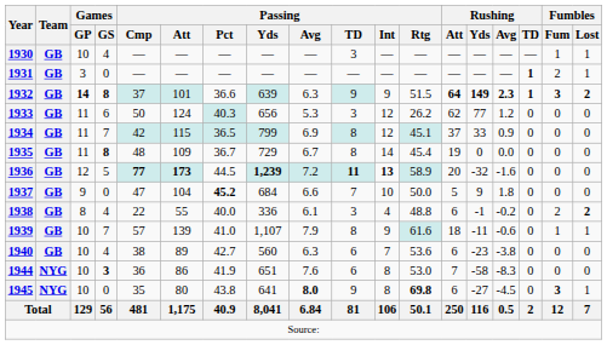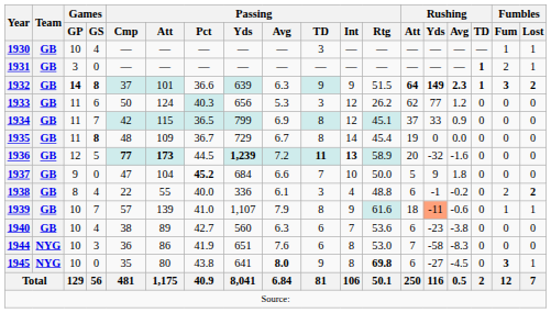 <table class="wikitable" style="text-align:center;">
 <tr>
 <th rowspan="2">Year</th>
 <th rowspan="2">Team</th>
 <th colspan="2">Games</th>
 <th colspan="8">Passing</th>
 <th colspan="4">Rushing</th>
 <th colspan="2">Fumbles</th>
 </tr>
 <tr>
 <th>GP</th>
 <th>GS</th>
 <th>Cmp</th>
 <th>Att</th>
 <th>Pct</th>
 <th>Yds</th>
 <th>Avg</th>
 <th>TD</th>
 <th>Int</th>
 <th>Rtg</th>
 <th>Att</th>
 <th>Yds</th>
 <th>Avg</th>
 <th>TD</th>
 <th>Fum</th>
 <th>Lost</th>
 </tr>
 <tr>
 <th><a href='#'>1930</a></th>
 <th><a href='#'>GB</a></th>
 <td>10</td>
 <td>4</td>
 <td>—</td>
 <td>—</td>
 <td>—</td>
 <td>—</td>
 <td>—</td>
 <td>3</td>
 <td>—</td>
 <td>—</td>
 <td>—</td>
 <td>—</td>
 <td>—</td>
 <td>—</td>
 <td>1</td>
 <td>1</td>
 </tr>
 <tr>
 <th><a href='#'>1931</a></th>
 <th><a href='#'>GB</a></th>
 <td>3</td>
 <td>0</td>
 <td>—</td>
 <td>—</td>
 <td>—</td>
 <td>—</td>
 <td>—</td>
 <td>—</td>
 <td>—</td>
 <td>—</td>
 <td>—</td>
 <td>—</td>
 <td>—</td>
 <td><strong>1</strong></td>
 <td>2</td>
 <td>1</td>
 </tr>
 <tr>
 <th><a href='#'>1932</a></th>
 <th><a href='#'>GB</a></th>
 <td><strong>14</strong></td>
 <td><strong>8</strong></td>
 <td style="background:#cfecec; width:3em;">37</td>
 <td style="background:#cfecec; width:3em;">101</td>
 <td>36.6</td>
 <td style="background:#cfecec; width:3em;">639</td>
 <td>6.3</td>
 <td style="background:#cfecec; width:3em;">9</td>
 <td>9</td>
 <td>51.5</td>
 <td><strong>64</strong></td>
 <td><strong>149</strong></td>
 <td><strong>2.3</strong></td>
 <td><strong>1</strong></td>
 <td><strong>3</strong></td>
 <td><strong>2</strong></td>
 </tr>
 <tr>
 <th><a href='#'>1933</a></th>
 <th><a href='#'>GB</a></th>
 <td>11</td>
 <td>6</td>
 <td>50</td>
 <td>124</td>
 <td style="background:#cfecec; width:3em;">40.3</td>
 <td>656</td>
 <td>5.3</td>
 <td>3</td>
 <td>12</td>
 <td>26.2</td>
 <td>62</td>
 <td>77</td>
 <td>1.2</td>
 <td>0</td>
 <td>0</td>
 <td>0</td>
 </tr>
 <tr>
 <th><a href='#'>1934</a></th>
 <th><a href='#'>GB</a></th>
 <td>11</td>
 <td>7</td>
 <td style="background:#cfecec; width:3em;">42</td>
 <td style="background:#cfecec; width:3em;">115</td>
 <td style="background:#cfecec; width:3em;">36.5</td>
 <td style="background:#cfecec; width:3em;">799</td>
 <td>6.9</td>
 <td style="background:#cfecec; width:3em;">8</td>
 <td>12</td>
 <td style="background:#cfecec; width:3em;">45.1</td>
 <td>37</td>
 <td>33</td>
 <td>0.9</td>
 <td>0</td>
 <td>0</td>
 <td>0</td>
 </tr>
 <tr>
 <th><a href='#'>1935</a></th>
 <th><a href='#'>GB</a></th>
 <td>11</td>
 <td><strong>8</strong></td>
 <td>48</td>
 <td>109</td>
 <td>36.7</td>
 <td>729</td>
 <td>6.7</td>
 <td>8</td>
 <td>14</td>
 <td>45.4</td>
 <td>19</td>
 <td>0</td>
 <td>0.0</td>
 <td>0</td>
 <td>0</td>
 <td>0</td>
 </tr>
 <tr>
 <th><a href='#'>1936</a></th>
 <th><a href='#'>GB</a></th>
 <td>12</td>
 <td>5</td>
 <td style="background:#cfecec; width:3em;"><strong>77</strong></td>
 <td style="background:#cfecec; width:3em;"><strong>173</strong></td>
 <td>44.5</td>
 <td style="background:#cfecec; width:3em;"><strong>1,239</strong></td>
 <td style="background:#cfecec; width:3em;">7.2</td>
 <td style="background:#cfecec; width:3em;"><strong>11</strong></td>
 <td><strong>13</strong></td>
 <td style="background:#cfecec; width:3em;">58.9</td>
 <td>20</td>
 <td>-32</td>
 <td>-1.6</td>
 <td>0</td>
 <td>0</td>
 <td>0</td>
 </tr>
 <tr>
 <th><a href='#'>1937</a></th>
 <th><a href='#'>GB</a></th>
 <td>9</td>
 <td>0</td>
 <td>47</td>
 <td>104</td>
 <td><strong>45.2</strong></td>
 <td>684</td>
 <td>6.6</td>
 <td>7</td>
 <td>10</td>
 <td>50.0</td>
 <td>5</td>
 <td>9</td>
 <td>1.8</td>
 <td>0</td>
 <td>0</td>
 <td>0</td>
 </tr>
 <tr>
 <th><a href='#'>1938</a></th>
 <th><a href='#'>GB</a></th>
 <td>8</td>
 <td>4</td>
 <td>22</td>
 <td>55</td>
 <td>40.0</td>
 <td>336</td>
 <td>6.1</td>
 <td>3</td>
 <td>4</td>
 <td>48.8</td>
 <td>6</td>
 <td>-1</td>
 <td>-0.2</td>
 <td>0</td>
 <td>2</td>
 <td><strong>2</strong></td>
 </tr>
 <tr>
 <th><a href='#'>1939</a></th>
 <th><a href='#'>GB</a></th>
 <td>10</td>
 <td>7</td>
 <td>57</td>
 <td>139</td>
 <td>41.0</td>
 <td>1,107</td>
 <td>7.9</td>
 <td>8</td>
 <td>9</td>
 <td style="background:#cfecec; width:3em;">61.6</td>
 <td>18</td>
-<td>-11</td>
+<td style="background: lightsalmon;">-11</td>
 <td>-0.6</td>
 <td>0</td>
 <td>1</td>
 <td>1</td>
 </tr>
 <tr>
 <th><a href='#'>1940</a></th>
 <th><a href='#'>GB</a></th>
 <td>10</td>
 <td>4</td>
 <td>38</td>
 <td>89</td>
 <td>42.7</td>
 <td>560</td>
 <td>6.3</td>
 <td>6</td>
 <td>7</td>
 <td>53.6</td>
 <td>6</td>
 <td>-23</td>
 <td>-3.8</td>
 <td>0</td>
 <td>0</td>
 <td>0</td>
 </tr>
 <tr>
 <th><a href='#'>1944</a></th>
 <th><a href='#'>NYG</a></th>
 <td>10</td>
-<td><strong>3</strong></td>
+<td>3</td>
 <td>36</td>
 <td>86</td>
 <td>41.9</td>
 <td>651</td>
 <td>7.6</td>
 <td>6</td>
 <td>8</td>
 <td>53.0</td>
 <td>7</td>
 <td>-58</td>
 <td>-8.3</td>
 <td>0</td>
 <td>0</td>
 <td>0</td>
 </tr>
 <tr>
 <th><a href='#'>1945</a></th>
 <th><a href='#'>NYG</a></th>
 <td>10</td>
 <td>0</td>
 <td>35</td>
 <td>80</td>
 <td>43.8</td>
 <td>641</td>
 <td><strong>8.0</strong></td>
 <td>9</td>
 <td>8</td>
 <td><strong>69.8</strong></td>
 <td>6</td>
 <td>-27</td>
 <td>-4.5</td>
 <td>0</td>
 <td><strong>3</strong></td>
 <td>1</td>
 </tr>
 <tr>
 <th colspan="2">Total</th>
 <th>129</th>
 <th>56</th>
 <th>481</th>
 <th>1,175</th>
 <th>40.9</th>
 <th>8,041</th>
 <th>6.84</th>
 <th>81</th>
 <th>106</th>
 <th>50.1</th>
 <th>250</th>
 <th>116</th>
 <th>0.5</th>
 <th>2</th>
 <th>12</th>
 <th>7</th>
 </tr>
 <tr>
 <td colSpan="18"><small>Source: </small></td>
 </tr>
 </table>
